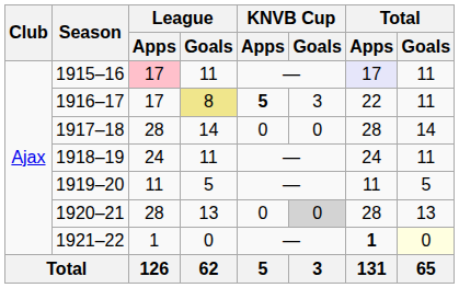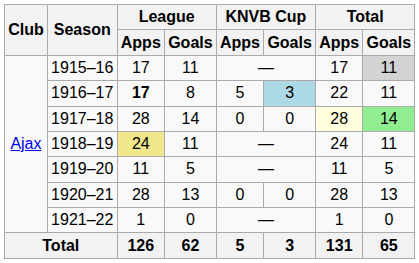 <table class="wikitable" style="text-align:center">
 <tr>
 <th rowspan="2">Club</th>
 <th rowspan="2">Season</th>
 <th colspan="2">League</th>
 <th colspan="2">KNVB Cup</th>
 <th colspan="2">Total</th>
 </tr>
 <tr>
 <th>Apps</th>
 <th>Goals</th>
 <th>Apps</th>
 <th>Goals</th>
 <th>Apps</th>
 <th>Goals</th>
 </tr>
 <tr>
 <td rowspan="7"><a href='#'>Ajax</a></td>
 <td>1915–16</td>
-<td style="background: pink;">17</td>
+<td>17</td>
 <td>11</td>
 <td colspan="2">—</td>
-<td style="background: lavender;">17</td>
-<td>11</td>
+<td>17</td>
+<td style="background: lightgrey;">11</td>
 </tr>
 <tr>
 <td>1916–17</td>
-<td>17</td>
-<td style="background: khaki;">8</td>
-<td><strong>5</strong></td>
-<td>3</td>
+<td><strong>17</strong></td>
+<td>8</td>
+<td>5</td>
+<td style="background: lightblue;">3</td>
 <td>22</td>
 <td>11</td>
 </tr>
 <tr>
 <td>1917–18</td>
 <td>28</td>
 <td>14</td>
 <td>0</td>
 <td>0</td>
-<td>28</td>
-<td>14</td>
+<td style="background: lightyellow;">28</td>
+<td style="background: lightgreen;">14</td>
 </tr>
 <tr>
 <td>1918–19</td>
-<td>24</td>
+<td style="background: khaki;">24</td>
 <td>11</td>
 <td colspan="2">—</td>
 <td>24</td>
 <td>11</td>
 </tr>
 <tr>
 <td>1919–20</td>
 <td>11</td>
 <td>5</td>
 <td colspan="2">—</td>
 <td>11</td>
 <td>5</td>
 </tr>
 <tr>
 <td>1920–21</td>
 <td>28</td>
 <td>13</td>
 <td>0</td>
-<td style="background: lightgrey;">0</td>
+<td>0</td>
 <td>28</td>
 <td>13</td>
 </tr>
 <tr>
 <td>1921–22</td>
 <td>1</td>
 <td>0</td>
 <td colspan="2">—</td>
-<td><strong>1</strong></td>
-<td style="background: lightyellow;">0</td>
+<td>1</td>
+<td>0</td>
 </tr>
 <tr>
 <th colspan="2">Total</th>
 <th>126</th>
 <th>62</th>
 <th>5</th>
 <th>3</th>
 <th>131</th>
 <th>65</th>
 </tr>
 </table>
